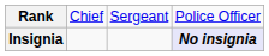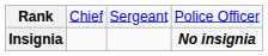 <table class="wikitable">
 <tr style="text-align:center;">
 <th>Rank</th>
 <td><a href='#'>Chief</a></td>
 <td><a href='#'>Sergeant</a></td>
 <td><a href='#'>Police Officer</a></td>
 </tr>
 <tr style="text-align:center;">
 <th>Insignia</th>
 <td></td>
 <td></td>
-<td style="background: lavender;"><strong><em>No insignia</em></strong></td>
+<td><strong><em>No insignia</em></strong></td>
 </tr>
 </table>
